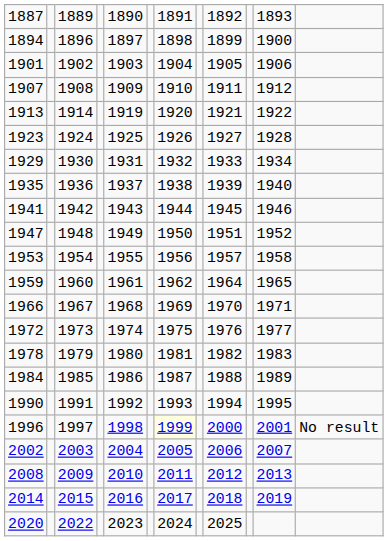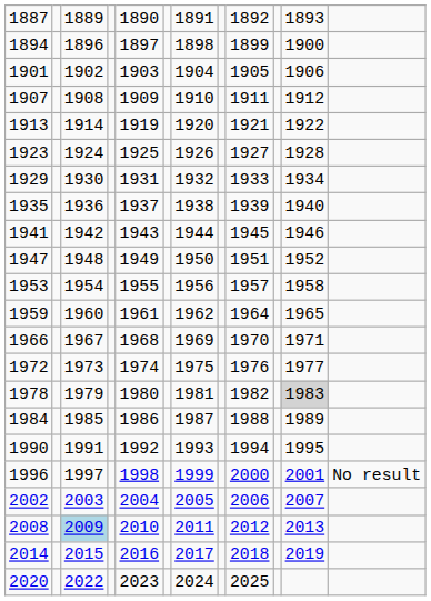 <table class="wikitable">
 <tr>
 <td>1887</td>
 <td></td>
 <td>1889</td>
 <td></td>
 <td>1890</td>
 <td></td>
 <td>1891</td>
 <td></td>
 <td>1892</td>
 <td></td>
 <td>1893</td>
 <td></td>
 </tr>
 <tr>
 <td>1894</td>
 <td></td>
 <td>1896</td>
 <td></td>
 <td>1897</td>
 <td></td>
 <td>1898</td>
 <td></td>
 <td>1899</td>
 <td></td>
 <td>1900</td>
 <td></td>
 </tr>
 <tr>
 <td>1901</td>
 <td></td>
 <td>1902</td>
 <td></td>
 <td>1903</td>
 <td></td>
 <td>1904</td>
 <td></td>
 <td>1905</td>
 <td></td>
 <td>1906</td>
 <td></td>
 </tr>
 <tr>
 <td>1907</td>
 <td></td>
 <td>1908</td>
 <td></td>
 <td>1909</td>
 <td></td>
 <td>1910</td>
 <td></td>
 <td>1911</td>
 <td></td>
 <td>1912</td>
 <td></td>
 </tr>
 <tr>
 <td>1913</td>
 <td></td>
 <td>1914</td>
 <td></td>
 <td>1919</td>
 <td></td>
 <td>1920</td>
 <td></td>
 <td>1921</td>
 <td></td>
 <td>1922</td>
 <td></td>
 </tr>
 <tr>
 <td>1923</td>
 <td></td>
 <td>1924</td>
 <td></td>
 <td>1925</td>
 <td></td>
 <td>1926</td>
 <td></td>
 <td>1927</td>
 <td></td>
 <td>1928</td>
 <td></td>
 </tr>
 <tr>
 <td>1929</td>
 <td></td>
 <td>1930</td>
 <td></td>
 <td>1931</td>
 <td></td>
 <td>1932</td>
 <td></td>
 <td>1933</td>
 <td></td>
 <td>1934</td>
 <td></td>
 </tr>
 <tr>
 <td>1935</td>
 <td></td>
 <td>1936</td>
 <td></td>
 <td>1937</td>
 <td></td>
 <td>1938</td>
 <td></td>
 <td>1939</td>
 <td></td>
 <td>1940</td>
 <td></td>
 </tr>
 <tr>
 <td>1941</td>
 <td></td>
 <td>1942</td>
 <td></td>
 <td>1943</td>
 <td></td>
 <td>1944</td>
 <td></td>
 <td>1945</td>
 <td></td>
 <td>1946</td>
 <td></td>
 </tr>
 <tr>
 <td>1947</td>
 <td></td>
 <td>1948</td>
 <td></td>
 <td>1949</td>
 <td></td>
 <td>1950</td>
 <td></td>
 <td>1951</td>
 <td></td>
 <td>1952</td>
 <td></td>
 </tr>
 <tr>
 <td>1953</td>
 <td></td>
 <td>1954</td>
 <td></td>
 <td>1955</td>
 <td></td>
 <td>1956</td>
 <td></td>
 <td>1957</td>
 <td></td>
 <td>1958</td>
 <td></td>
 </tr>
 <tr>
 <td>1959</td>
 <td></td>
 <td>1960</td>
 <td></td>
 <td>1961</td>
 <td></td>
 <td>1962</td>
 <td></td>
 <td>1964</td>
 <td></td>
 <td>1965</td>
 <td></td>
 </tr>
 <tr>
 <td>1966</td>
 <td></td>
 <td>1967</td>
 <td></td>
 <td>1968</td>
 <td></td>
 <td>1969</td>
 <td></td>
 <td>1970</td>
 <td></td>
 <td>1971</td>
 <td></td>
 </tr>
 <tr>
 <td>1972</td>
 <td></td>
 <td>1973</td>
 <td></td>
 <td>1974</td>
 <td></td>
 <td>1975</td>
 <td></td>
 <td>1976</td>
 <td></td>
 <td>1977</td>
 <td></td>
 </tr>
 <tr>
 <td>1978</td>
 <td></td>
 <td>1979</td>
 <td></td>
 <td>1980</td>
 <td></td>
 <td>1981</td>
 <td></td>
 <td>1982</td>
 <td></td>
-<td>1983</td>
+<td style="background: lightgrey;">1983</td>
 <td></td>
 </tr>
 <tr>
 <td>1984</td>
 <td></td>
 <td>1985</td>
 <td></td>
 <td>1986</td>
 <td></td>
 <td>1987</td>
 <td></td>
 <td>1988</td>
 <td></td>
 <td>1989</td>
 <td></td>
 </tr>
 <tr>
 <td>1990</td>
 <td></td>
 <td>1991</td>
 <td></td>
 <td>1992</td>
 <td></td>
 <td>1993</td>
 <td></td>
 <td>1994</td>
 <td></td>
 <td>1995</td>
 <td></td>
 </tr>
 <tr>
 <td>1996</td>
 <td></td>
 <td>1997</td>
 <td></td>
 <td><a href='#'>1998</a></td>
 <td></td>
-<td style="background: lightyellow;"><a href='#'>1999</a></td>
+<td><a href='#'>1999</a></td>
 <td></td>
 <td><a href='#'>2000</a></td>
 <td></td>
 <td><a href='#'>2001</a></td>
 <td>No result</td>
 </tr>
 <tr>
 <td><a href='#'>2002</a></td>
 <td></td>
 <td><a href='#'>2003</a></td>
 <td></td>
 <td><a href='#'>2004</a></td>
 <td></td>
 <td><a href='#'>2005</a></td>
 <td></td>
 <td><a href='#'>2006</a></td>
 <td></td>
 <td><a href='#'>2007</a></td>
 <td></td>
 </tr>
 <tr>
 <td><a href='#'>2008</a></td>
 <td></td>
-<td><a href='#'>2009</a></td>
+<td style="background: lightblue;"><a href='#'>2009</a></td>
 <td></td>
 <td><a href='#'>2010</a></td>
 <td></td>
 <td><a href='#'>2011</a></td>
 <td></td>
 <td><a href='#'>2012</a></td>
 <td></td>
 <td><a href='#'>2013</a></td>
 <td></td>
 </tr>
 <tr>
 <td><a href='#'>2014</a></td>
 <td></td>
 <td><a href='#'>2015</a></td>
 <td></td>
 <td><a href='#'>2016</a></td>
 <td></td>
 <td><a href='#'>2017</a></td>
 <td></td>
 <td><a href='#'>2018</a></td>
 <td></td>
 <td><a href='#'>2019</a></td>
 <td></td>
 </tr>
 <tr>
 <td><a href='#'>2020</a></td>
 <td></td>
 <td><a href='#'>2022</a></td>
 <td></td>
 <td>2023</td>
 <td></td>
 <td>2024</td>
 <td></td>
 <td>2025</td>
 <td></td>
 <td></td>
 <td></td>
 </tr>
 </table>
